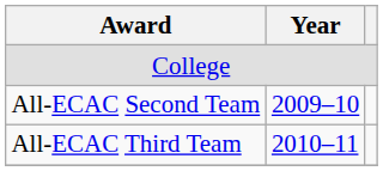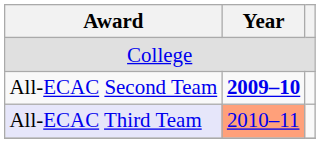 <table class="wikitable">
 <tr>
 <th>Award</th>
 <th>Year</th>
 <th></th>
 </tr>
 <tr ALIGN="center" bgcolor="#e0e0e0">
 <td colspan="3"><a href='#'>College</a></td>
 </tr>
 <tr>
 <td>All-<a href='#'>ECAC</a> <a href='#'>Second Team</a></td>
-<td><a href='#'>2009–10</a></td>
+<td><strong><a href='#'>2009–10</a></strong></td>
 <td></td>
 </tr>
 <tr>
-<td>All-<a href='#'>ECAC</a> <a href='#'>Third Team</a></td>
-<td><a href='#'>2010–11</a></td>
+<td style="background: lavender;">All-<a href='#'>ECAC</a> <a href='#'>Third Team</a></td>
+<td style="background: lightsalmon;"><a href='#'>2010–11</a></td>
 <td></td>
 </tr>
 <tr>
 </tr>
 </table>
